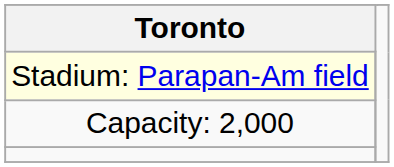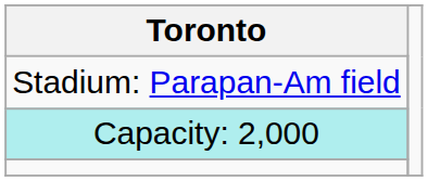 <table class="wikitable" style="text-align:center; margin:1em auto;">
 <tr>
 <th colspan="2">Toronto</th>
 <td rowspan=4></td>
 </tr>
 <tr>
-<td style="background: lightyellow;">Stadium: <a href='#'>Parapan-Am field</a></td>
+<td>Stadium: <a href='#'>Parapan-Am field</a></td>
 </tr>
 <tr>
-<td>Capacity: 2,000</td>
+<td style="background: paleturquoise;">Capacity: 2,000</td>
 </tr>
 <tr>
 <td></td>
 </tr>
 </table>
